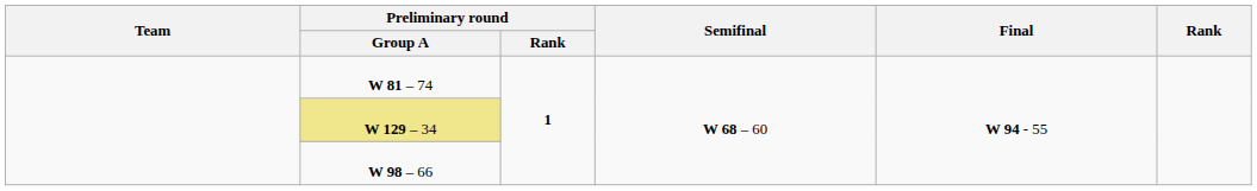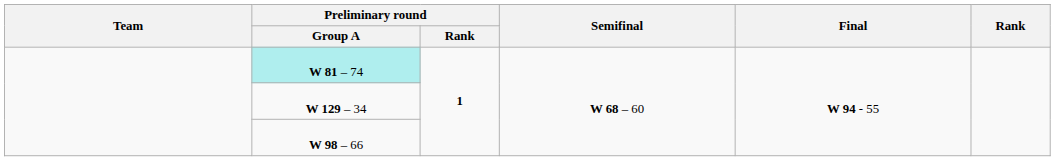 <table class="wikitable" width="93%" style="text-align:left; font-size:90%">
 <tr>
 <th rowspan="2" width="22%">Team</th>
 <th colspan="2">Preliminary round</th>
 <th rowspan="2" width="21%">Semifinal</th>
 <th rowspan="2" width="21%">Final</th>
 <th rowspan="2" width="7%">Rank</th>
 </tr>
 <tr>
 <th width="15%">Group A</th>
 <th width="7%">Rank</th>
 </tr>
 <tr>
 <td rowspan=3 align=center></td>
-<td style="text-align:center;"><br> <strong>W 81</strong> – 74</td>
+<td style="background: paleturquoise; text-align:center;"><br> <strong>W 81</strong> – 74</td>
 <td rowspan=3 align=center><strong>1</strong></td>
 <td rowspan=3 align=center><br> <strong>W 68</strong> – 60</td>
 <td rowspan=3 align=center><br><strong>W 94</strong> - 55</td>
 <td rowspan=3 align=center></td>
 </tr>
 <tr>
-<td style="background: khaki; text-align:center;"><br> <strong>W 129</strong> – 34</td>
+<td style="text-align:center;"><br> <strong>W 129</strong> – 34</td>
 </tr>
 <tr>
 <td style="text-align:center;"><br> <strong>W 98</strong> – 66</td>
 </tr>
 </table>
